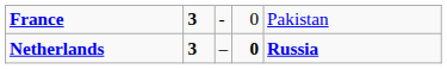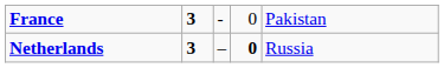 <table class="wikitable">
 <tr>
 <td width=150> <strong><a href='#'>France</a></strong></td>
 <td style="width:20px; text-align:left;"><strong>3</strong></td>
 <td>-</td>
 <td style="width:20px; text-align:right;">0</td>
 <td width=150> <a href='#'>Pakistan</a></td>
 </tr>
 <tr>
 <td> <strong><a href='#'>Netherlands</a></strong></td>
 <td style="text-align:left;"><strong>3</strong></td>
 <td>–</td>
 <td style="text-align:right;"><strong>0</strong></td>
-<td><strong> <a href='#'>Russia</a></strong></td>
+<td> <a href='#'>Russia</a></td>
 </tr>
 </table>
